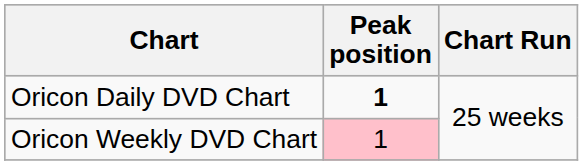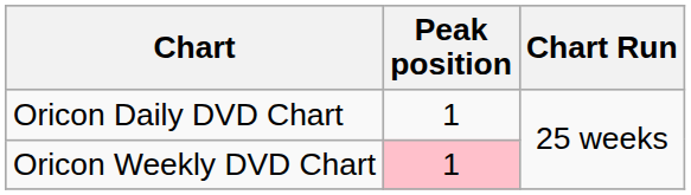 <table class="wikitable" style="text-align:center;">
 <tr>
 <th>Chart</th>
 <th>Peak<br>position</th>
 <th>Chart Run</th>
 </tr>
 <tr>
 <td align="left">Oricon Daily DVD Chart</td>
-<td><strong>1</strong></td>
+<td>1</td>
 <td rowspan="2">25 weeks</td>
 </tr>
 <tr>
 <td align="left">Oricon Weekly DVD Chart</td>
 <td style="background: pink;">1</td>
 </tr>
 </table>
